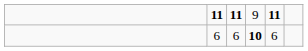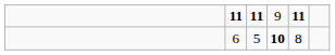 <table class="wikitable">
 <tr>
 <td style="width:15em"></td>
 <td align=center style="width:1em"><strong>11</strong></td>
 <td align=center style="width:1em"><strong>11</strong></td>
 <td align=center style="width:1em">9</td>
 <td align=center style="width:1em"><strong>11</strong></td>
 <td align=center style="width:1em"></td>
 </tr>
 <tr>
 <td style="width:15em"></td>
 <td align=center style="width:1em">6</td>
-<td align=center style="width:1em">6</td>
+<td align=center style="width:1em">5</td>
 <td align=center style="width:1em"><strong>10</strong></td>
-<td align=center style="width:1em">6</td>
+<td align=center style="width:1em">8</td>
 <td align=center style="width:1em"></td>
 </tr>
 </table>
